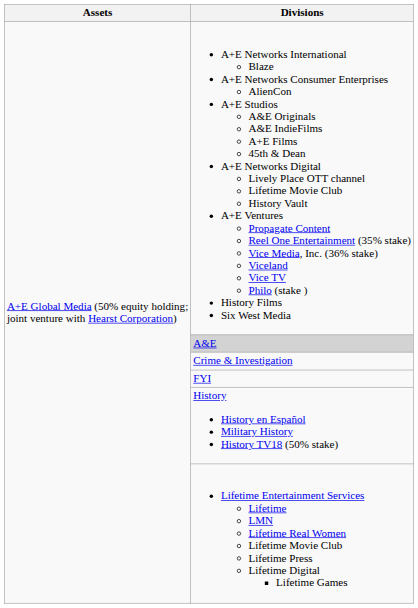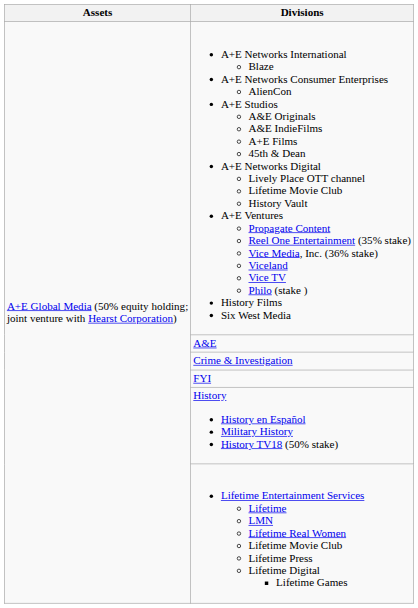 <table class="wikitable">
 <tr>
 <th>Assets</th>
 <th>Divisions</th>
 </tr>
 <tr>
 <td rowspan="6"><a href='#'>A+E Global Media</a> (50% equity holding;<br>joint venture with <a href='#'>Hearst Corporation</a>)</td>
 <td><br><ul><li>A+E Networks International<ul><li>Blaze</li></ul></li><li>A+E Networks Consumer Enterprises<ul><li>AlienCon</li></ul></li><li>A+E Studios<ul><li>A&E Originals</li><li>A&E IndieFilms</li><li>A+E Films</li><li>45th & Dean</li></ul></li><li>A+E Networks Digital<ul><li>Lively Place OTT channel</li><li>Lifetime Movie Club</li><li>History Vault</li></ul></li><li>A+E Ventures<ul><li><a href='#'>Propagate Content</a></li><li><a href='#'>Reel One Entertainment</a> (35% stake)</li><li><a href='#'>Vice Media</a>, Inc. (36% stake)</li><li><a href='#'>Viceland</a></li><li><a href='#'>Vice TV</a></li><li><a href='#'>Philo</a> (stake )</li></ul></li><li>History Films</li><li>Six West Media</li></ul></td>
 </tr>
 <tr>
-<td style="background: lightgrey;"><a href='#'>A&E</a></td>
+<td><a href='#'>A&E</a></td>
 </tr>
 <tr>
 <td><a href='#'>Crime & Investigation</a></td>
 </tr>
 <tr>
 <td><a href='#'>FYI</a></td>
 </tr>
 <tr>
 <td><a href='#'>History</a><br><ul><li><a href='#'>History en Español</a></li><li><a href='#'>Military History</a></li><li><a href='#'>History TV18</a> (50% stake)</li></ul></td>
 </tr>
 <tr>
 <td><br><ul><li><a href='#'>Lifetime Entertainment Services</a><ul><li><a href='#'>Lifetime</a></li><li><a href='#'>LMN</a></li><li><a href='#'>Lifetime Real Women</a></li><li>Lifetime Movie Club</li><li>Lifetime Press</li><li>Lifetime Digital<ul><li>Lifetime Games</li></ul></li></ul></li></ul></td>
 </tr>
 </table>
